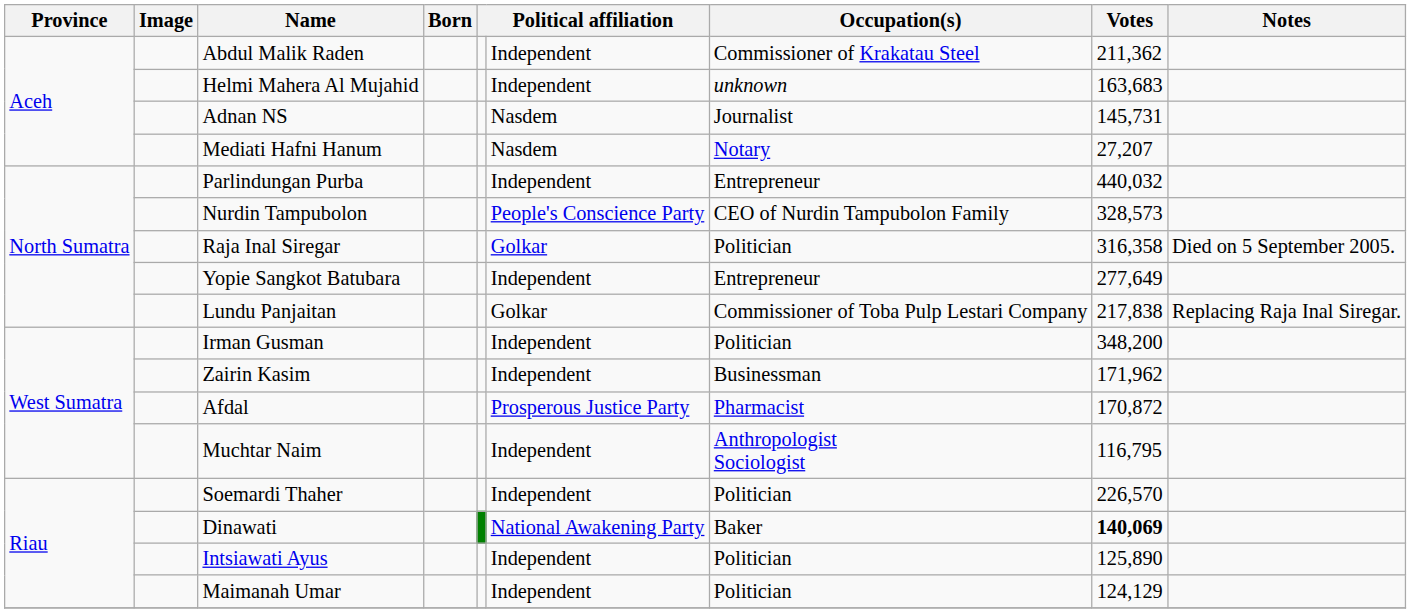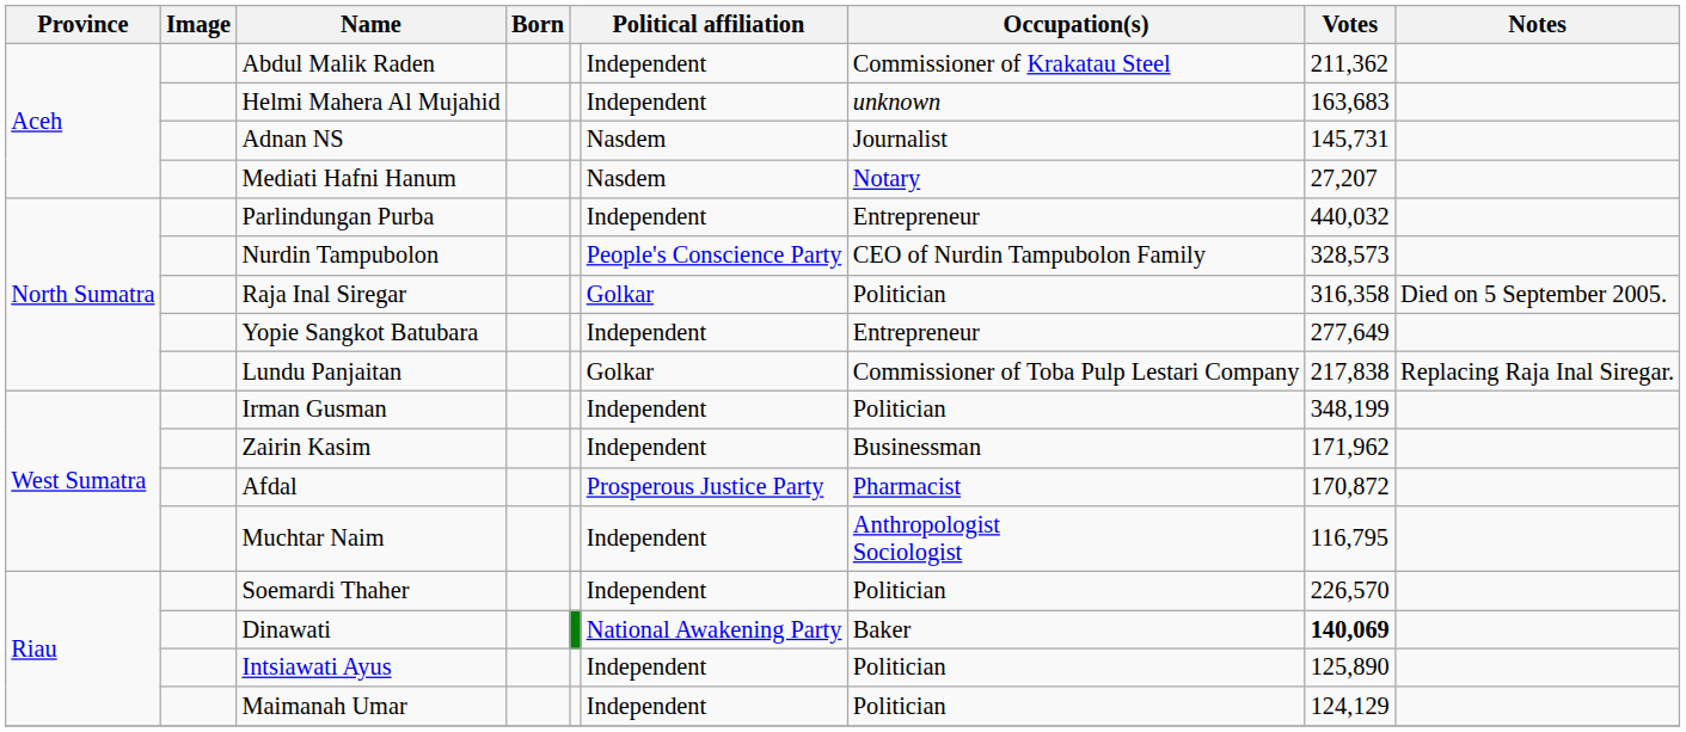 <table class="wikitable sortable">
 <tr>
 <th>Province</th>
 <th>Image</th>
 <th>Name</th>
 <th>Born</th>
 <th colspan="2">Political affiliation</th>
 <th>Occupation(s)</th>
 <th>Votes</th>
 <th>Notes</th>
 </tr>
 <tr>
 <td rowspan="4"><a href='#'>Aceh</a></td>
 <td></td>
 <td>Abdul Malik Raden</td>
 <td></td>
 <td style="background-color:"></td>
 <td>Independent</td>
 <td>Commissioner of <a href='#'>Krakatau Steel</a></td>
 <td>211,362</td>
 <td></td>
 </tr>
 <tr>
 <td></td>
 <td>Helmi Mahera Al Mujahid</td>
 <td></td>
 <td style="background-color:"></td>
 <td>Independent</td>
 <td><em>unknown</em></td>
 <td>163,683</td>
 <td></td>
 </tr>
 <tr>
 <td></td>
 <td>Adnan NS</td>
 <td></td>
 <td style="background-color:"></td>
 <td>Nasdem</td>
 <td>Journalist</td>
 <td>145,731</td>
 <td></td>
 </tr>
 <tr>
 <td></td>
 <td>Mediati Hafni Hanum</td>
 <td></td>
 <td style="background-color:"></td>
 <td>Nasdem</td>
 <td><a href='#'>Notary</a></td>
 <td>27,207</td>
 <td></td>
 </tr>
 <tr>
 <td rowspan="5"><a href='#'>North Sumatra</a></td>
 <td></td>
 <td>Parlindungan Purba</td>
 <td></td>
 <td style="background-color:"></td>
 <td>Independent</td>
 <td>Entrepreneur</td>
 <td>440,032</td>
 <td></td>
 </tr>
 <tr>
 <td></td>
 <td>Nurdin Tampubolon</td>
 <td></td>
 <td style="background-color:"></td>
 <td><a href='#'>People's Conscience Party</a></td>
 <td>CEO of Nurdin Tampubolon Family</td>
 <td>328,573</td>
 <td></td>
 </tr>
 <tr>
 <td></td>
 <td>Raja Inal Siregar</td>
 <td></td>
 <td style="background-color:"></td>
 <td><a href='#'>Golkar</a></td>
 <td>Politician</td>
 <td>316,358</td>
 <td>Died on 5 September 2005.</td>
 </tr>
 <tr>
 <td></td>
 <td>Yopie Sangkot Batubara</td>
 <td></td>
 <td style="background-color:"></td>
 <td>Independent</td>
 <td>Entrepreneur</td>
 <td>277,649</td>
 <td></td>
 </tr>
 <tr>
 <td></td>
 <td>Lundu Panjaitan</td>
 <td></td>
 <td style="background-color:"></td>
 <td>Golkar</td>
 <td>Commissioner of Toba Pulp Lestari Company</td>
 <td>217,838</td>
 <td>Replacing Raja Inal Siregar.</td>
 </tr>
 <tr>
 <td rowspan="4"><a href='#'>West Sumatra</a></td>
 <td></td>
 <td>Irman Gusman</td>
 <td></td>
 <td style="background-color:"></td>
 <td>Independent</td>
 <td>Politician</td>
-<td>348,200</td>
+<td>348,199</td>
 <td></td>
 </tr>
 <tr>
 <td></td>
 <td>Zairin Kasim</td>
 <td></td>
 <td style="background-color:"></td>
 <td>Independent</td>
 <td>Businessman</td>
 <td>171,962</td>
 <td></td>
 </tr>
 <tr>
 <td></td>
 <td>Afdal</td>
 <td></td>
 <td style="background-color:"></td>
 <td><a href='#'>Prosperous Justice Party</a></td>
 <td><a href='#'>Pharmacist</a></td>
 <td>170,872</td>
 <td></td>
 </tr>
 <tr>
 <td></td>
 <td>Muchtar Naim</td>
 <td></td>
 <td style="background-color:"></td>
 <td>Independent</td>
 <td><a href='#'>Anthropologist</a><br><a href='#'>Sociologist</a></td>
 <td>116,795</td>
 <td></td>
 </tr>
 <tr>
 <td rowspan="4"><a href='#'>Riau</a></td>
 <td></td>
 <td>Soemardi Thaher</td>
 <td></td>
 <td style="background-color:"></td>
 <td>Independent</td>
 <td>Politician</td>
 <td>226,570</td>
 <td></td>
 </tr>
 <tr>
 <td></td>
 <td>Dinawati</td>
 <td></td>
 <td style="background-color:green"></td>
 <td><a href='#'>National Awakening Party</a></td>
 <td>Baker</td>
 <td><strong>140,069</strong></td>
 <td></td>
 </tr>
 <tr>
 <td></td>
 <td><a href='#'>Intsiawati Ayus</a></td>
 <td></td>
 <td style="background-color:"></td>
 <td>Independent</td>
 <td>Politician</td>
 <td>125,890</td>
 <td></td>
 </tr>
 <tr>
 <td></td>
 <td>Maimanah Umar</td>
 <td></td>
 <td style="background-color:"></td>
 <td>Independent</td>
 <td>Politician</td>
 <td>124,129</td>
 <td></td>
 </tr>
 <tr>
 </tr>
 </table>
